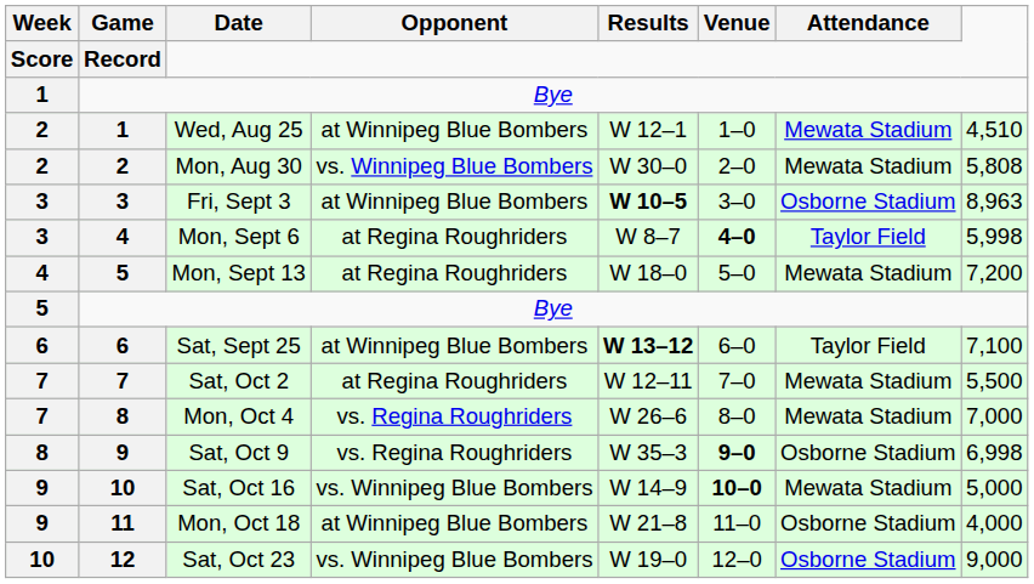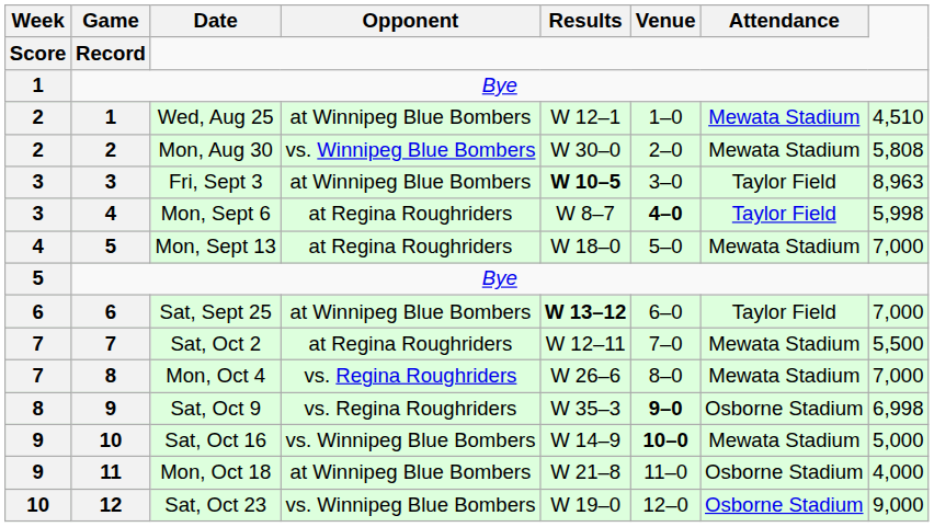 <table class="wikitable" style="text-align:center">
 <tr>
 <th>Week</th>
 <th>Game</th>
 <th>Date</th>
 <th>Opponent</th>
 <th>Results</th>
 <th>Venue</th>
 <th>Attendance</th>
 </tr>
 <tr>
 <th>Score</th>
 <th>Record</th>
 </tr>
 <tr>
 <th>1</th>
 <td colspan="7"><em><a href='#'>Bye</a></em></td>
 </tr>
 <tr style="background:#ddffdd">
 <th>2</th>
 <th>1</th>
 <td>Wed, Aug 25</td>
 <td>at Winnipeg Blue Bombers</td>
 <td>W 12–1</td>
 <td>1–0</td>
 <td><a href='#'>Mewata Stadium</a></td>
 <td>4,510</td>
 </tr>
 <tr style="background:#ddffdd">
 <th>2</th>
 <th>2</th>
 <td>Mon, Aug 30</td>
 <td>vs. <a href='#'>Winnipeg Blue Bombers</a></td>
 <td>W 30–0</td>
 <td>2–0</td>
 <td>Mewata Stadium</td>
 <td>5,808</td>
 </tr>
 <tr style="background:#ddffdd">
 <th>3</th>
 <th>3</th>
 <td>Fri, Sept 3</td>
 <td>at Winnipeg Blue Bombers</td>
 <td><strong>W 10–5</strong></td>
 <td>3–0</td>
-<td><a href='#'>Osborne Stadium</a></td>
+<td>Taylor Field</td>
 <td>8,963</td>
 </tr>
 <tr style="background:#ddffdd">
 <th>3</th>
 <th>4</th>
 <td>Mon, Sept 6</td>
 <td>at Regina Roughriders</td>
 <td>W 8–7</td>
 <td><strong>4–0</strong></td>
 <td><a href='#'>Taylor Field</a></td>
 <td>5,998</td>
 </tr>
 <tr style="background:#ddffdd">
 <th>4</th>
 <th>5</th>
 <td>Mon, Sept 13</td>
 <td>at Regina Roughriders</td>
 <td>W 18–0</td>
 <td>5–0</td>
 <td>Mewata Stadium</td>
-<td>7,200</td>
+<td>7,000</td>
 </tr>
 <tr>
 <th>5</th>
 <td colspan="7"><em><a href='#'>Bye</a></em></td>
 </tr>
 <tr style="background:#ddffdd">
 <th>6</th>
 <th>6</th>
 <td>Sat, Sept 25</td>
 <td>at Winnipeg Blue Bombers</td>
 <td><strong>W 13–12</strong></td>
 <td>6–0</td>
 <td>Taylor Field</td>
-<td>7,100</td>
+<td>7,000</td>
 </tr>
 <tr style="background:#ddffdd">
 <th>7</th>
 <th>7</th>
 <td>Sat, Oct 2</td>
 <td>at Regina Roughriders</td>
 <td>W 12–11</td>
 <td>7–0</td>
 <td>Mewata Stadium</td>
 <td>5,500</td>
 </tr>
 <tr style="background:#ddffdd">
 <th>7</th>
 <th>8</th>
 <td>Mon, Oct 4</td>
 <td>vs. <a href='#'>Regina Roughriders</a></td>
 <td>W 26–6</td>
 <td>8–0</td>
 <td>Mewata Stadium</td>
 <td>7,000</td>
 </tr>
 <tr style="background:#ddffdd">
 <th>8</th>
 <th>9</th>
 <td>Sat, Oct 9</td>
 <td>vs. Regina Roughriders</td>
 <td>W 35–3</td>
 <td><strong>9–0</strong></td>
 <td>Osborne Stadium</td>
 <td>6,998</td>
 </tr>
 <tr style="background:#ddffdd">
 <th>9</th>
 <th>10</th>
 <td>Sat, Oct 16</td>
 <td>vs. Winnipeg Blue Bombers</td>
 <td>W 14–9</td>
 <td><strong>10–0</strong></td>
 <td>Mewata Stadium</td>
 <td>5,000</td>
 </tr>
 <tr style="background:#ddffdd">
 <th>9</th>
 <th>11</th>
 <td>Mon, Oct 18</td>
 <td>at Winnipeg Blue Bombers</td>
 <td>W 21–8</td>
 <td>11–0</td>
 <td>Osborne Stadium</td>
 <td>4,000</td>
 </tr>
 <tr style="background:#ddffdd">
 <th>10</th>
 <th>12</th>
 <td>Sat, Oct 23</td>
 <td>vs. Winnipeg Blue Bombers</td>
 <td>W 19–0</td>
 <td>12–0</td>
 <td><a href='#'>Osborne Stadium</a></td>
 <td>9,000</td>
 </tr>
 </table>
